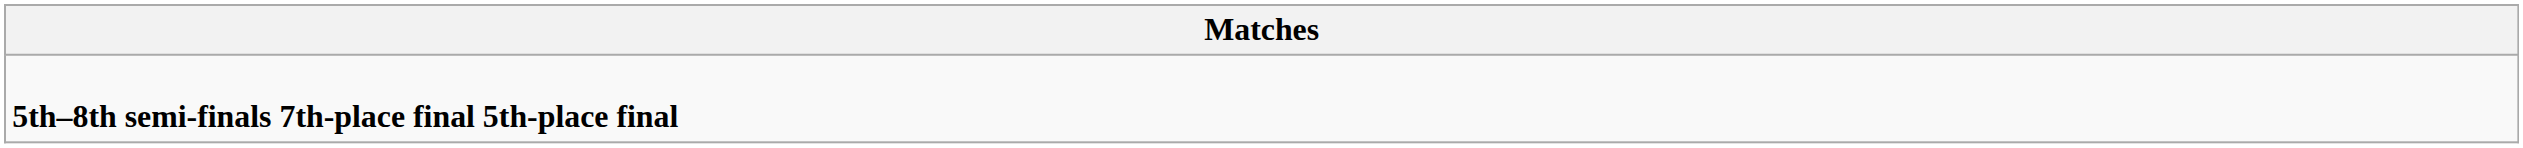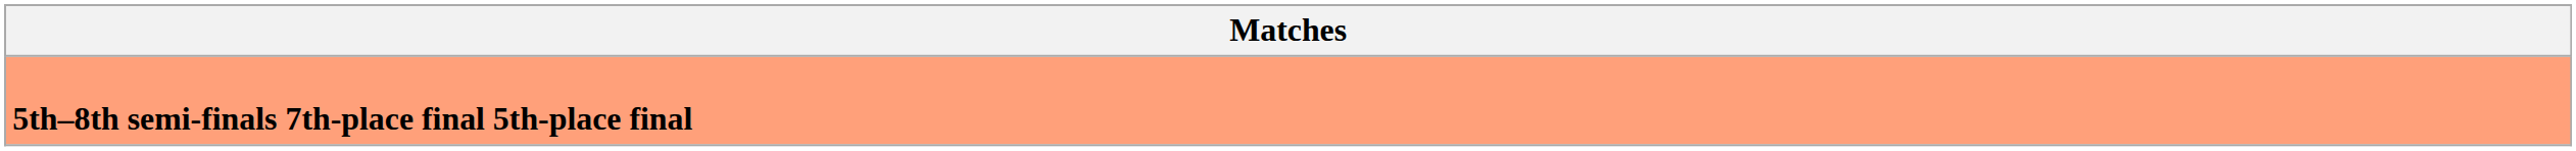 <table class="wikitable collapsible expanded" style="width:100%;">
 <tr>
 <th>Matches</th>
 </tr>
 <tr>
-<td><br><strong>5th–8th semi-finals</strong>   <strong>7th-place final</strong>  <strong>5th-place final</strong> </td>
+<td style="background: lightsalmon;"><br><strong>5th–8th semi-finals</strong>   <strong>7th-place final</strong>  <strong>5th-place final</strong> </td>
 </tr>
 </table>
